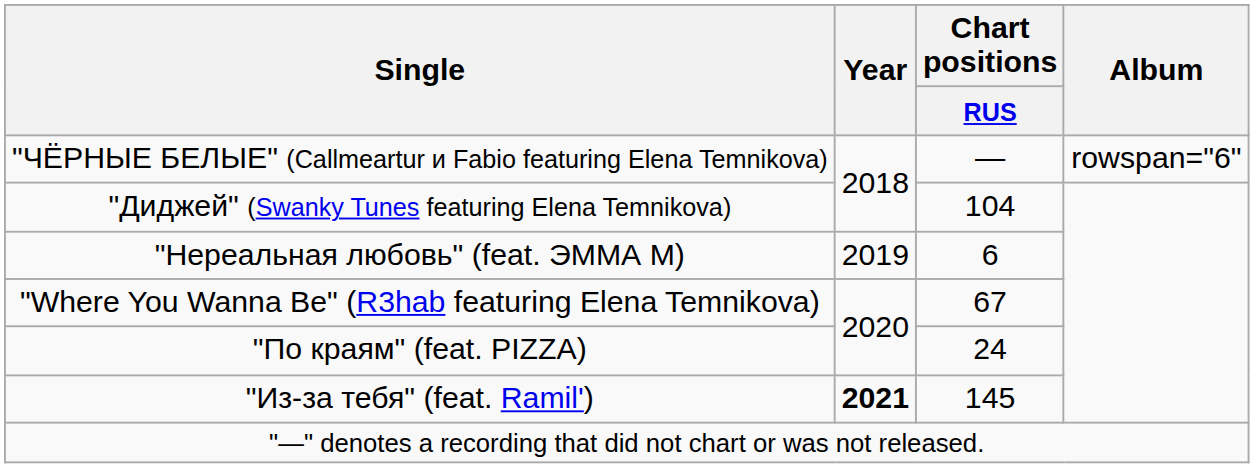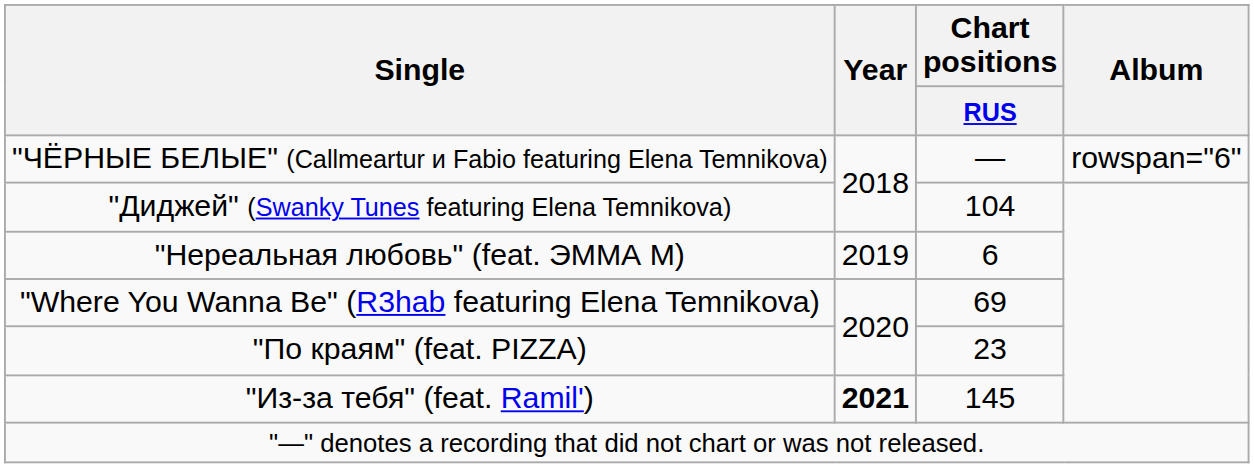 <table class="wikitable plainrowheaders" style="text-align: center;">
 <tr>
 <th rowspan="2">Single</th>
 <th rowspan="2">Year</th>
 <th colspan="1">Chart positions</th>
 <th rowspan="2">Album</th>
 </tr>
 <tr>
 <th style="width:30px;"><small> <a href='#'>RUS</a><br> </small></th>
 </tr>
 <tr>
 <td>"ЧЁРНЫЕ БЕЛЫЕ" <small>(Callmeartur и Fabio featuring Elena Temnikova)</small></td>
 <td rowspan="2">2018</td>
 <td>—</td>
 <td>rowspan="6" </td>
 </tr>
 <tr>
 <td>"Диджей" <small>(<a href='#'>Swanky Tunes</a> featuring Elena Temnikova)</small></td>
 <td>104</td>
 </tr>
 <tr>
 <td>"Нереальная любовь" (feat. ЭММА М)</td>
 <td>2019</td>
 <td>6</td>
 </tr>
 <tr>
 <td>"Where You Wanna Be" (<a href='#'>R3hab</a> featuring Elena Temnikova)</td>
 <td rowspan="2">2020</td>
-<td>67</td>
+<td>69</td>
 </tr>
 <tr>
 <td>"По краям" (feat. PIZZA)</td>
-<td>24</td>
+<td>23</td>
 </tr>
 <tr>
 <td>"Из-за тебя" (feat. <a href='#'>Ramil'</a>)</td>
 <td rowspan="1"><strong>2021</strong></td>
 <td>145</td>
 </tr>
 <tr>
 <td colspan="4" style="font-size:85%">"—" denotes a recording that did not chart or was not released.</td>
 </tr>
 </table>
